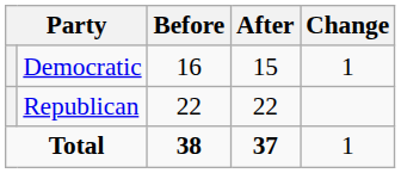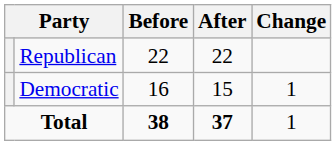 <table class="wikitable" style="text-align:center;">
 <tr>
 <th colspan="2">Party</th>
 <th>Before</th>
 <th>After</th>
 <th>Change</th>
 </tr>
 <tr>
 <th style="background-color:"></th>
+<td style="text-align:left;"><a href='#'>Republican</a></td>
+<td>22</td>
+<td>22</td>
+<td></td>
+</tr>
+<tr>
+<th style="background-color:"></th>
 <td style="text-align:left;"><a href='#'>Democratic</a></td>
 <td>16</td>
 <td>15</td>
 <td> 1</td>
-</tr>
-<tr>
-<th style="background-color:"></th>
-<td style="text-align:left;"><a href='#'>Republican</a></td>
-<td>22</td>
-<td>22</td>
-<td></td>
 </tr>
 <tr>
 <td colspan="2"><strong>Total</strong></td>
 <td><strong>38</strong></td>
 <td><strong>37</strong></td>
 <td> 1</td>
 </tr>
 </table>
